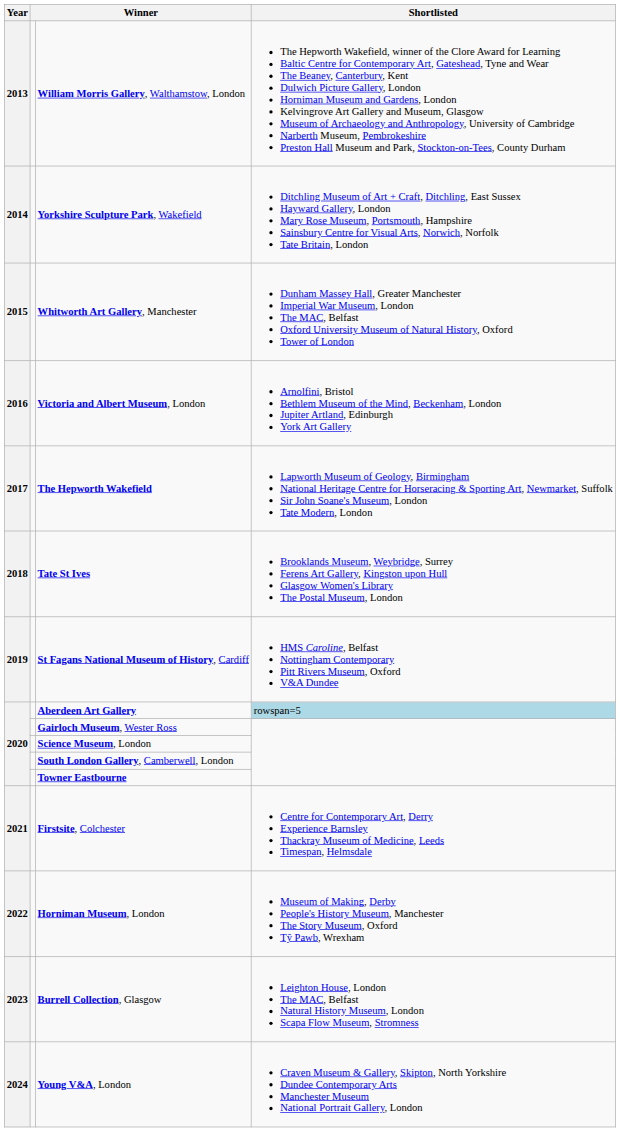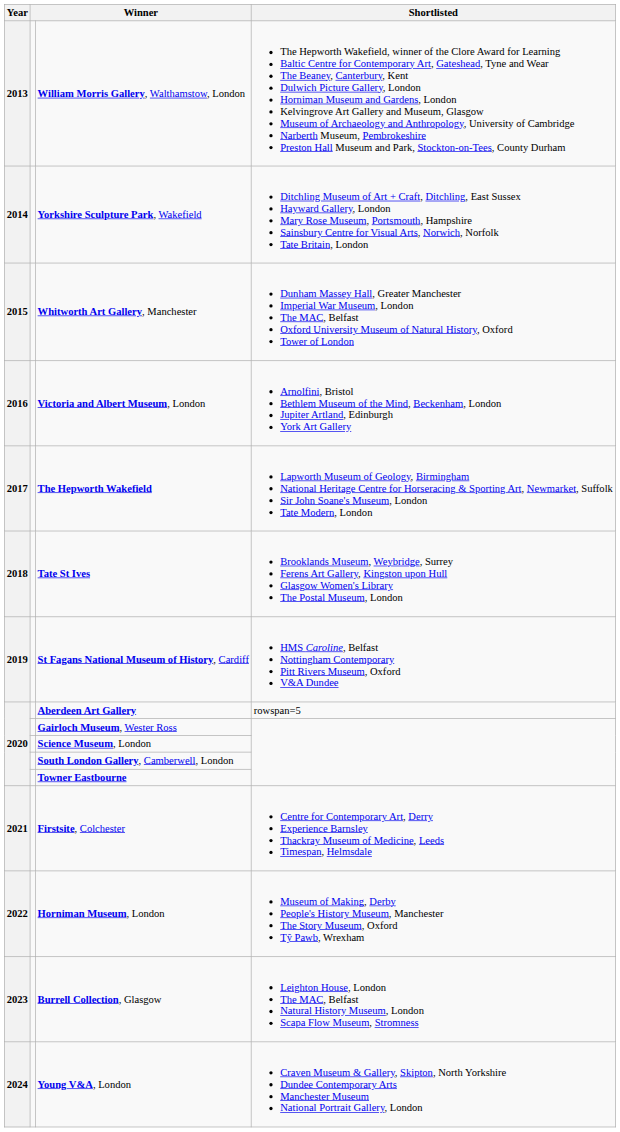 <table class="wikitable sortable plainrowheaders">
 <tr>
 <th scope="col" width=30>Year</th>
 <th class="unsortable" colspan=2>Winner</th>
 <th>Shortlisted</th>
 </tr>
 <tr>
 <th>2013</th>
 <td></td>
 <td><strong><a href='#'>William Morris Gallery</a></strong>, <a href='#'>Walthamstow</a>, London</td>
 <td><br><ul><li>The Hepworth Wakefield, winner of the Clore Award for Learning</li><li><a href='#'>Baltic Centre for Contemporary Art</a>, <a href='#'>Gateshead</a>, Tyne and Wear</li><li><a href='#'>The Beaney</a>, <a href='#'>Canterbury</a>, Kent</li><li><a href='#'>Dulwich Picture Gallery</a>, London</li><li><a href='#'>Horniman Museum and Gardens</a>, London</li><li>Kelvingrove Art Gallery and Museum, Glasgow</li><li><a href='#'>Museum of Archaeology and Anthropology</a>, University of Cambridge</li><li><a href='#'>Narberth</a> Museum, <a href='#'>Pembrokeshire</a></li><li><a href='#'>Preston Hall</a> Museum and Park, <a href='#'>Stockton-on-Tees</a>, County Durham</li></ul></td>
 </tr>
 <tr>
 <th>2014</th>
 <td></td>
 <td><strong><a href='#'>Yorkshire Sculpture Park</a></strong>, <a href='#'>Wakefield</a></td>
 <td><br><ul><li><a href='#'>Ditchling Museum of Art + Craft</a>, <a href='#'>Ditchling</a>, East Sussex</li><li><a href='#'>Hayward Gallery</a>, London</li><li><a href='#'>Mary Rose Museum</a>, <a href='#'>Portsmouth</a>, Hampshire</li><li><a href='#'>Sainsbury Centre for Visual Arts</a>, <a href='#'>Norwich</a>, Norfolk</li><li><a href='#'>Tate Britain</a>, London</li></ul></td>
 </tr>
 <tr>
 <th>2015</th>
 <td></td>
 <td><strong><a href='#'>Whitworth Art Gallery</a></strong>, Manchester</td>
 <td><br><ul><li><a href='#'>Dunham Massey Hall</a>, Greater Manchester</li><li><a href='#'>Imperial War Museum</a>, London</li><li><a href='#'>The MAC</a>, Belfast</li><li><a href='#'>Oxford University Museum of Natural History</a>, Oxford</li><li><a href='#'>Tower of London</a></li></ul></td>
 </tr>
 <tr>
 <th>2016</th>
 <td></td>
 <td><strong><a href='#'>Victoria and Albert Museum</a></strong>, London</td>
 <td><br><ul><li><a href='#'>Arnolfini</a>, Bristol</li><li><a href='#'>Bethlem Museum of the Mind</a>, <a href='#'>Beckenham</a>, London</li><li><a href='#'>Jupiter Artland</a>, Edinburgh</li><li><a href='#'>York Art Gallery</a></li></ul></td>
 </tr>
 <tr>
 <th>2017</th>
 <td></td>
 <td><strong><a href='#'>The Hepworth Wakefield</a></strong></td>
 <td><br><ul><li><a href='#'>Lapworth Museum of Geology</a>, <a href='#'>Birmingham</a></li><li><a href='#'>National Heritage Centre for Horseracing & Sporting Art</a>, <a href='#'>Newmarket</a>, Suffolk</li><li><a href='#'>Sir John Soane's Museum</a>, London</li><li><a href='#'>Tate Modern</a>, London</li></ul></td>
 </tr>
 <tr>
 <th>2018</th>
 <td></td>
 <td><strong><a href='#'>Tate St Ives</a></strong></td>
 <td><br><ul><li><a href='#'>Brooklands Museum</a>, <a href='#'>Weybridge</a>, Surrey</li><li><a href='#'>Ferens Art Gallery</a>, <a href='#'>Kingston upon Hull</a></li><li><a href='#'>Glasgow Women's Library</a></li><li><a href='#'>The Postal Museum</a>, London</li></ul></td>
 </tr>
 <tr>
 <th>2019</th>
 <td></td>
 <td><strong><a href='#'>St Fagans National Museum of History</a></strong>, <a href='#'>Cardiff</a></td>
 <td><br><ul><li><a href='#'>HMS <em>Caroline</em></a>, Belfast</li><li><a href='#'>Nottingham Contemporary</a></li><li><a href='#'>Pitt Rivers Museum</a>, Oxford</li><li><a href='#'>V&A Dundee</a></li></ul></td>
 </tr>
 <tr>
 <th rowspan=5>2020</th>
 <td></td>
 <td><strong><a href='#'>Aberdeen Art Gallery</a></strong></td>
-<td style="background: lightblue;">rowspan=5 </td>
+<td>rowspan=5 </td>
 </tr>
 <tr>
 <td></td>
 <td><strong><a href='#'>Gairloch Museum</a></strong>, <a href='#'>Wester Ross</a></td>
 </tr>
 <tr>
 <td></td>
 <td><strong><a href='#'>Science Museum</a></strong>, London</td>
 </tr>
 <tr>
 <td></td>
 <td><strong><a href='#'>South London Gallery</a></strong>, <a href='#'>Camberwell</a>, London</td>
 </tr>
 <tr>
 <td></td>
 <td><strong><a href='#'>Towner Eastbourne</a></strong></td>
 </tr>
 <tr>
 <th>2021</th>
 <td></td>
 <td><strong><a href='#'>Firstsite</a></strong>, <a href='#'>Colchester</a></td>
 <td><br><ul><li><a href='#'>Centre for Contemporary Art</a>, <a href='#'>Derry</a></li><li><a href='#'>Experience Barnsley</a></li><li><a href='#'>Thackray Museum of Medicine</a>, <a href='#'>Leeds</a></li><li><a href='#'>Timespan</a>, <a href='#'>Helmsdale</a></li></ul></td>
 </tr>
 <tr>
 <th>2022</th>
 <td></td>
 <td><strong><a href='#'>Horniman Museum</a></strong>, London</td>
 <td><br><ul><li><a href='#'>Museum of Making</a>, <a href='#'>Derby</a></li><li><a href='#'>People's History Museum</a>, Manchester</li><li><a href='#'>The Story Museum</a>, Oxford</li><li><a href='#'>Tŷ Pawb</a>, Wrexham</li></ul></td>
 </tr>
 <tr>
 <th>2023</th>
 <td></td>
 <td><strong><a href='#'>Burrell Collection</a></strong>, Glasgow</td>
 <td><br><ul><li><a href='#'>Leighton House</a>, London</li><li><a href='#'>The MAC</a>, Belfast</li><li><a href='#'>Natural History Museum</a>, London</li><li><a href='#'>Scapa Flow Museum</a>, <a href='#'>Stromness</a></li></ul></td>
 </tr>
 <tr>
 <th>2024</th>
 <td></td>
 <td><strong><a href='#'>Young V&A</a></strong>, London</td>
 <td><br><ul><li><a href='#'>Craven Museum & Gallery</a>, <a href='#'>Skipton</a>, North Yorkshire</li><li><a href='#'>Dundee Contemporary Arts</a></li><li><a href='#'>Manchester Museum</a></li><li><a href='#'>National Portrait Gallery</a>, London</li></ul></td>
 </tr>
 </table>
